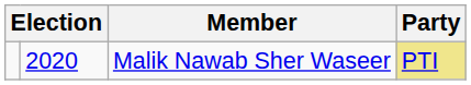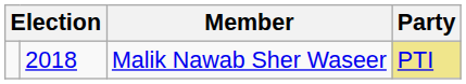 <table class="wikitable">
 <tr>
 <th colspan="2">Election</th>
 <th>Member</th>
 <th>Party</th>
 </tr>
 <tr>
 <td style="background-color: "></td>
-<td><a href='#'>2020</a></td>
+<td><a href='#'>2018</a></td>
 <td><a href='#'>Malik Nawab Sher Waseer</a></td>
 <td style="background: khaki;"><a href='#'>PTI</a></td>
 </tr>
 </table>
